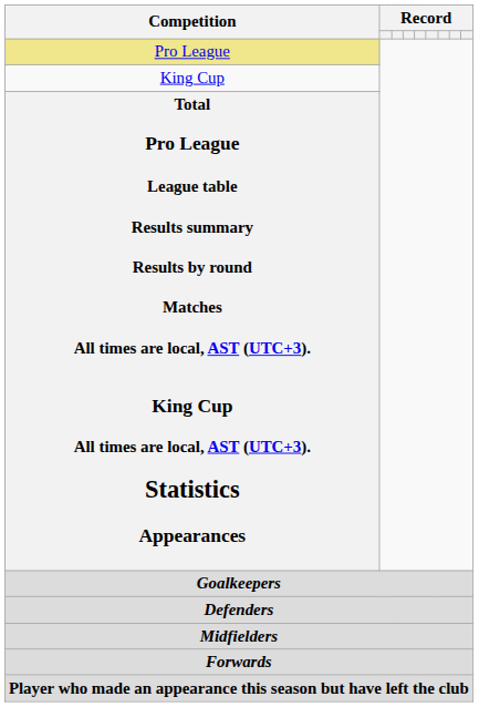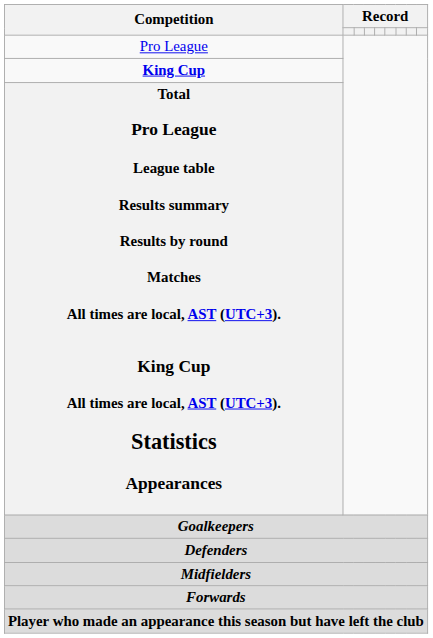 <table class="wikitable" style="text-align: center">
 <tr>
 <th rowspan=2>Competition</th>
 <th colspan=8>Record</th>
 </tr>
 <tr>
 <th></th>
 <th></th>
 <th></th>
 <th></th>
 <th></th>
 <th></th>
 <th></th>
 <th></th>
 </tr>
 <tr>
-<td style="background: khaki;"><a href='#'>Pro League</a><br></td>
+<td><a href='#'>Pro League</a><br></td>
 </tr>
 <tr>
-<td><a href='#'>King Cup</a><br></td>
+<td><strong><a href='#'>King Cup</a><br></strong></td>
 </tr>
 <tr>
 <th>Total<br> <h3>Pro League</h3><h4>League table</h4><h4>Results summary</h4> <h4>Results by round</h4><h4>Matches</h4>All times are local, <a href='#'>AST</a> (<a href='#'>UTC+3</a>).<br>   <br>                             <h3>King Cup</h3> All times are local, <a href='#'>AST</a> (<a href='#'>UTC+3</a>).<br><h2>Statistics</h2><h3>Appearances</h3></th>
 </tr>
 <tr>
 <th colspan=10 style=background:#dcdcdc; text-align:center><em>Goalkeepers</em><br>   </th>
 </tr>
 <tr>
 <th colspan=10 style=background:#dcdcdc; text-align:center><em>Defenders</em><br>            </th>
 </tr>
 <tr>
 <th colspan=10 style=background:#dcdcdc; text-align:center><em>Midfielders</em><br>                 </th>
 </tr>
 <tr>
 <th colspan=10 style=background:#dcdcdc; text-align:center><em>Forwards</em><br>   </th>
 </tr>
 <tr>
 <th colspan=18 style=background:#dcdcdc; text-align:center>Player who made an appearance this season but have left the club<br>  </th>
 </tr>
 </table>
